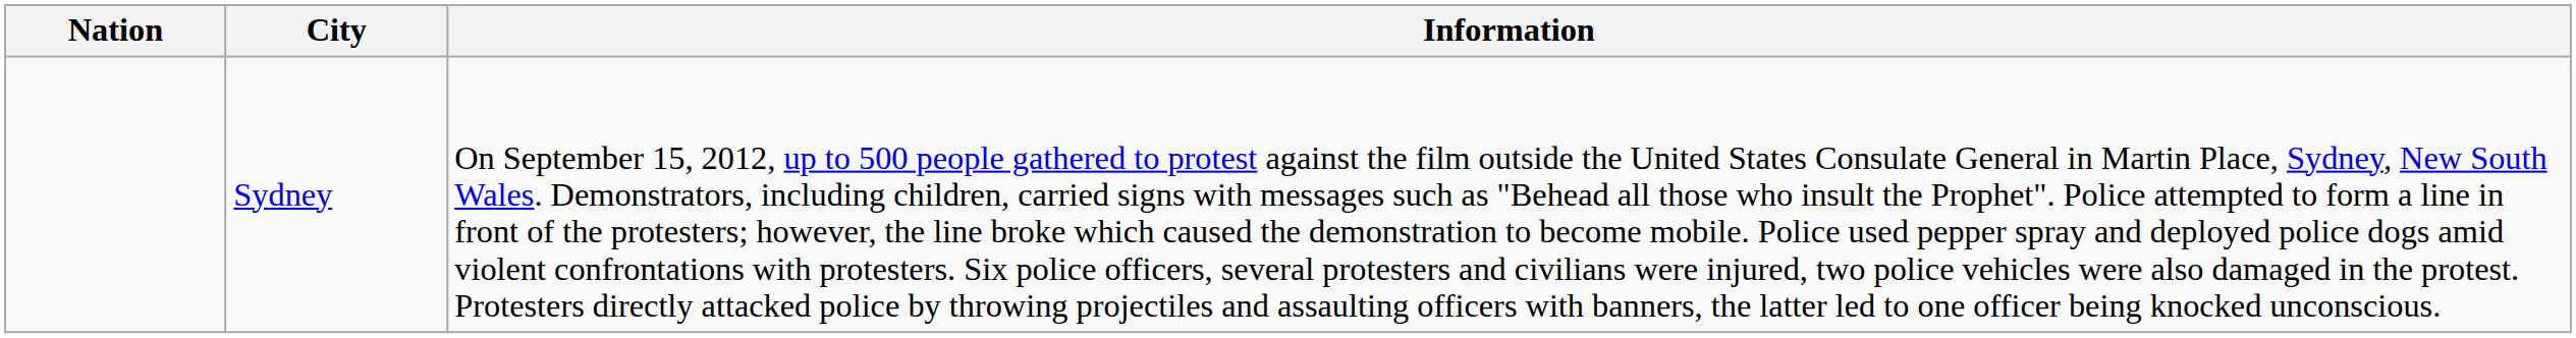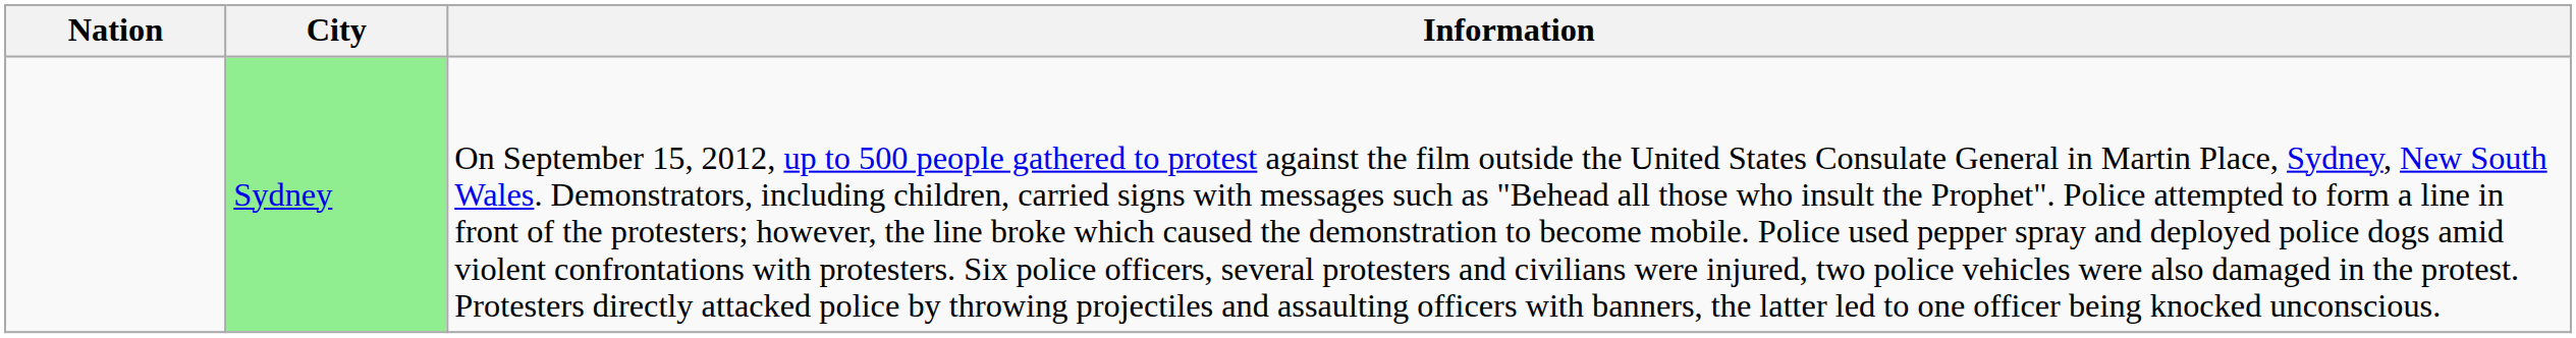 <table class="wikitable sticky-header">
 <tr>
 <th style="width:100px;">Nation</th>
 <th style="width:100px;">City</th>
 <th>Information</th>
 </tr>
 <tr>
 <td></td>
-<td><a href='#'>Sydney</a></td>
+<td style="background: lightgreen;"><a href='#'>Sydney</a></td>
 <td><br><br>On September 15, 2012, <a href='#'>up to 500 people gathered to protest</a> against the film outside the United States Consulate General in Martin Place, <a href='#'>Sydney</a>,  <a href='#'>New South Wales</a>. Demonstrators, including children, carried signs with messages such as "Behead all those who insult the Prophet". Police attempted to form a line in front of the protesters; however, the line broke which caused the demonstration to become mobile. Police used pepper spray and deployed police dogs amid violent confrontations with protesters. Six police officers, several protesters and civilians were injured, two police vehicles were also damaged in the protest. Protesters directly attacked police by throwing projectiles and assaulting officers with banners, the latter led to one officer being knocked unconscious.</td>
 </tr>
 </table>
